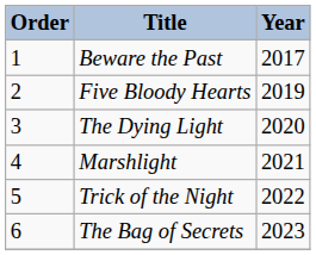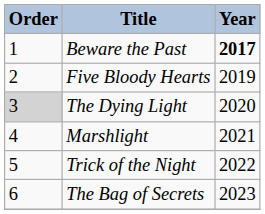 <table class="wikitable sortable">
 <tr style="text-align:center;">
 <th style="background:#B0C4DE;" width="15px">Order</th>
 <th style="background:#B0C4DE;">Title</th>
 <th style="background:#B0C4DE;">Year</th>
 </tr>
 <tr>
 <td>1</td>
 <td><em>Beware the Past</em></td>
-<td>2017</td>
+<td><strong>2017</strong></td>
 </tr>
 <tr>
 <td>2</td>
 <td><em>Five Bloody Hearts</em></td>
 <td>2019</td>
 </tr>
 <tr>
-<td>3</td>
+<td style="background: lightgrey;">3</td>
 <td><em>The Dying Light</em></td>
 <td>2020</td>
 </tr>
 <tr>
 <td>4</td>
 <td><em>Marshlight</em></td>
 <td>2021</td>
 </tr>
 <tr>
 <td>5</td>
 <td><em>Trick of the Night</em></td>
 <td>2022</td>
 </tr>
 <tr>
 <td>6</td>
 <td><em>The Bag of Secrets</em></td>
 <td>2023</td>
 </tr>
 <tr>
 </tr>
 </table>
